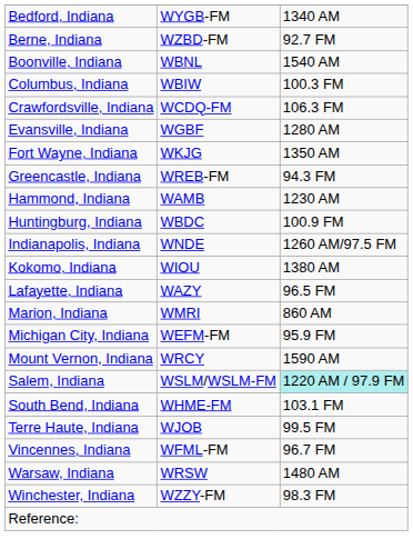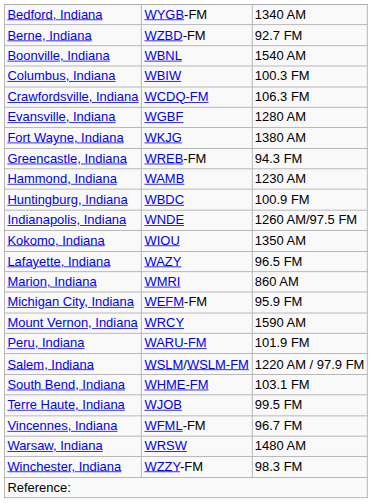 <table class="wikitable">
 <tr>
 </tr>
 <tr>
 <td><a href='#'>Bedford, Indiana</a></td>
 <td><a href='#'>WYGB</a>-FM</td>
 <td>1340 AM</td>
 </tr>
 <tr>
 <td><a href='#'>Berne, Indiana</a></td>
 <td><a href='#'>WZBD</a>-FM</td>
 <td>92.7 FM</td>
 </tr>
 <tr>
 <td><a href='#'>Boonville, Indiana</a></td>
 <td><a href='#'>WBNL</a></td>
 <td>1540 AM</td>
 </tr>
 <tr>
 <td><a href='#'>Columbus, Indiana</a></td>
 <td><a href='#'>WBIW</a></td>
 <td>100.3 FM</td>
 </tr>
 <tr>
 <td><a href='#'>Crawfordsville, Indiana</a></td>
 <td><a href='#'>WCDQ-FM</a></td>
 <td>106.3 FM</td>
 </tr>
 <tr>
 <td><a href='#'>Evansville, Indiana</a></td>
 <td><a href='#'>WGBF</a></td>
 <td>1280 AM</td>
 </tr>
 <tr>
 <td><a href='#'>Fort Wayne, Indiana</a></td>
 <td><a href='#'>WKJG</a></td>
-<td>1350 AM</td>
+<td>1380 AM</td>
 </tr>
 <tr>
 <td><a href='#'>Greencastle, Indiana</a></td>
 <td><a href='#'>WREB</a>-FM</td>
 <td>94.3 FM</td>
 </tr>
 <tr>
 <td><a href='#'>Hammond, Indiana</a></td>
 <td><a href='#'>WAMB</a></td>
 <td>1230 AM</td>
 </tr>
 <tr>
 <td><a href='#'>Huntingburg, Indiana</a></td>
 <td><a href='#'>WBDC</a></td>
 <td>100.9 FM</td>
 </tr>
 <tr>
 <td><a href='#'>Indianapolis, Indiana</a></td>
 <td><a href='#'>WNDE</a></td>
 <td>1260 AM/97.5 FM</td>
 </tr>
 <tr>
 <td><a href='#'>Kokomo, Indiana</a></td>
 <td><a href='#'>WIOU</a></td>
-<td>1380 AM</td>
+<td>1350 AM</td>
 </tr>
 <tr>
 <td><a href='#'>Lafayette, Indiana</a></td>
 <td><a href='#'>WAZY</a></td>
 <td>96.5 FM</td>
 </tr>
 <tr>
 <td><a href='#'>Marion, Indiana</a></td>
 <td><a href='#'>WMRI</a></td>
 <td>860 AM</td>
 </tr>
 <tr>
 <td><a href='#'>Michigan City, Indiana</a></td>
 <td><a href='#'>WEFM</a>-FM</td>
 <td>95.9 FM</td>
 </tr>
 <tr>
 <td><a href='#'>Mount Vernon, Indiana</a></td>
 <td><a href='#'>WRCY</a></td>
 <td>1590 AM</td>
 </tr>
 <tr>
+<td><a href='#'>Peru, Indiana</a></td>
+<td><a href='#'>WARU-FM</a></td>
+<td>101.9 FM</td>
+</tr>
+<tr>
 <td><a href='#'>Salem, Indiana</a></td>
 <td><a href='#'>WSLM</a>/<a href='#'>WSLM-FM</a></td>
-<td style="background: paleturquoise;">1220 AM / 97.9 FM</td>
+<td>1220 AM / 97.9 FM</td>
 </tr>
 <tr>
 <td><a href='#'>South Bend, Indiana</a></td>
 <td><a href='#'>WHME-FM</a></td>
 <td>103.1 FM</td>
 </tr>
 <tr>
 <td><a href='#'>Terre Haute, Indiana</a></td>
 <td><a href='#'>WJOB</a></td>
 <td>99.5 FM</td>
 </tr>
 <tr>
 <td><a href='#'>Vincennes, Indiana</a></td>
 <td><a href='#'>WFML</a>-FM</td>
 <td>96.7 FM</td>
 </tr>
 <tr>
 <td><a href='#'>Warsaw, Indiana</a></td>
 <td><a href='#'>WRSW</a></td>
 <td>1480 AM</td>
 </tr>
 <tr>
 <td><a href='#'>Winchester, Indiana</a></td>
 <td><a href='#'>WZZY</a>-FM</td>
 <td>98.3 FM</td>
 </tr>
 <tr>
 <td colspan="3">Reference:</td>
 </tr>
 </table>
